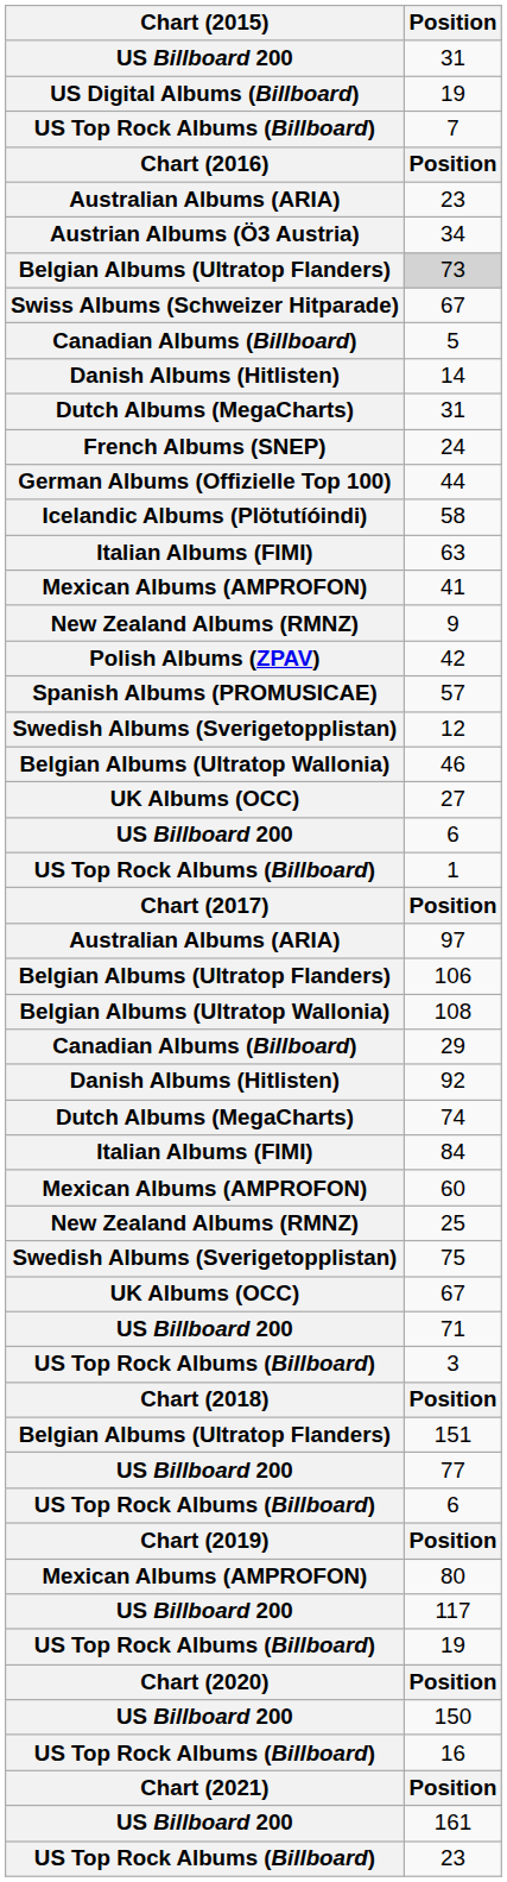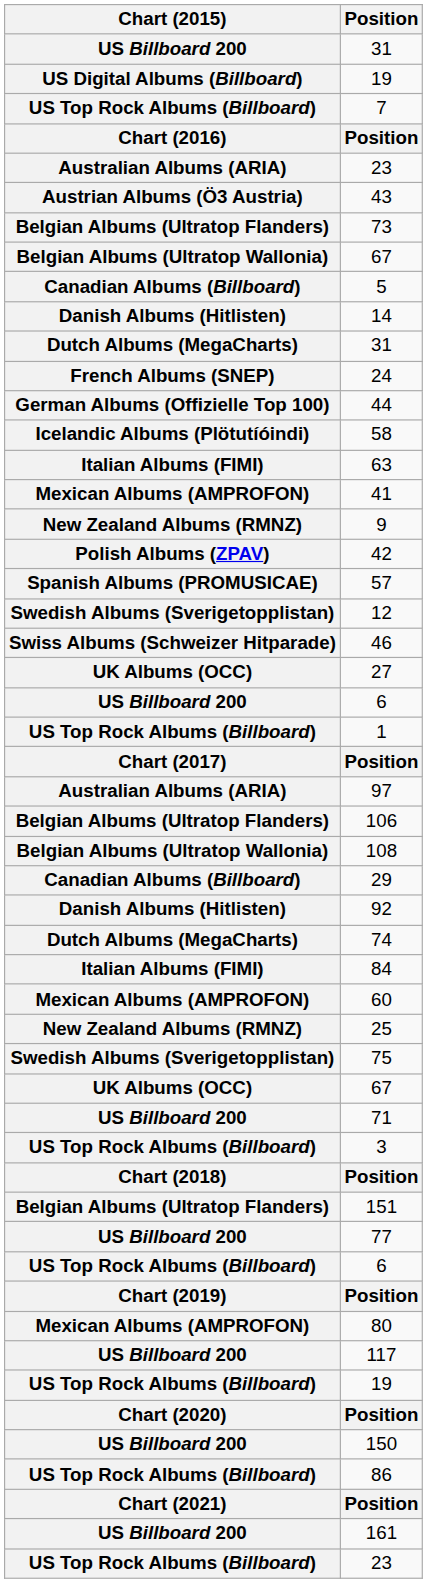 <table class="wikitable sortable plainrowheaders" style="text-align:center">
 <tr>
 <th scope="col">Chart (2015)</th>
 <th scope="col">Position</th>
 </tr>
 <tr>
 <th scope="row">US <em>Billboard</em> 200</th>
 <td>31</td>
 </tr>
 <tr>
 <th scope="row">US Digital Albums (<em>Billboard</em>)</th>
 <td>19</td>
 </tr>
 <tr>
 <th scope="row">US Top Rock Albums (<em>Billboard</em>)</th>
 <td>7</td>
 </tr>
 <tr>
 <th scope="col">Chart (2016)</th>
 <th scope="col">Position</th>
 </tr>
 <tr>
 <th scope="row">Australian Albums (ARIA)</th>
 <td>23</td>
 </tr>
 <tr>
 <th scope="row">Austrian Albums (Ö3 Austria)</th>
-<td>34</td>
+<td>43</td>
 </tr>
 <tr>
 <th scope="row">Belgian Albums (Ultratop Flanders)</th>
-<td style="background: lightgrey;">73</td>
+<td>73</td>
 </tr>
 <tr>
-<th scope="row">Swiss Albums (Schweizer Hitparade)</th>
+<th scope="row">Belgian Albums (Ultratop Wallonia)</th>
 <td>67</td>
 </tr>
 <tr>
 <th scope="row">Canadian Albums (<em>Billboard</em>)</th>
 <td>5</td>
 </tr>
 <tr>
 <th scope="row">Danish Albums (Hitlisten)</th>
 <td>14</td>
 </tr>
 <tr>
 <th scope="row">Dutch Albums (MegaCharts)</th>
 <td>31</td>
 </tr>
 <tr>
 <th scope="row">French Albums (SNEP)</th>
 <td>24</td>
 </tr>
 <tr>
 <th scope="row">German Albums (Offizielle Top 100)</th>
 <td>44</td>
 </tr>
 <tr>
 <th scope="row">Icelandic Albums (Plötutíóindi)</th>
 <td>58</td>
 </tr>
 <tr>
 <th scope="row">Italian Albums (FIMI)</th>
 <td>63</td>
 </tr>
 <tr>
 <th scope="row">Mexican Albums (AMPROFON)</th>
 <td>41</td>
 </tr>
 <tr>
 <th scope="row">New Zealand Albums (RMNZ)</th>
 <td>9</td>
 </tr>
 <tr>
 <th scope="row">Polish Albums (<a href='#'>ZPAV</a>)</th>
 <td>42</td>
 </tr>
 <tr>
 <th scope="row">Spanish Albums (PROMUSICAE)</th>
 <td>57</td>
 </tr>
 <tr>
 <th scope="row">Swedish Albums (Sverigetopplistan)</th>
 <td>12</td>
 </tr>
 <tr>
-<th scope="row">Belgian Albums (Ultratop Wallonia)</th>
+<th scope="row">Swiss Albums (Schweizer Hitparade)</th>
 <td>46</td>
 </tr>
 <tr>
 <th scope="row">UK Albums (OCC)</th>
 <td>27</td>
 </tr>
 <tr>
 <th scope="row">US <em>Billboard</em> 200</th>
 <td>6</td>
 </tr>
 <tr>
 <th scope="row">US Top Rock Albums (<em>Billboard</em>)</th>
 <td>1</td>
 </tr>
 <tr>
 <th scope="col">Chart (2017)</th>
 <th scope="col">Position</th>
 </tr>
 <tr>
 <th scope="row">Australian Albums (ARIA)</th>
 <td>97</td>
 </tr>
 <tr>
 <th scope="row">Belgian Albums (Ultratop Flanders)</th>
 <td>106</td>
 </tr>
 <tr>
 <th scope="row">Belgian Albums (Ultratop Wallonia)</th>
 <td>108</td>
 </tr>
 <tr>
 <th scope="row">Canadian Albums (<em>Billboard</em>)</th>
 <td>29</td>
 </tr>
 <tr>
 <th scope="row">Danish Albums (Hitlisten)</th>
 <td>92</td>
 </tr>
 <tr>
 <th scope="row">Dutch Albums (MegaCharts)</th>
 <td>74</td>
 </tr>
 <tr>
 <th scope="row">Italian Albums (FIMI)</th>
 <td>84</td>
 </tr>
 <tr>
 <th scope="row">Mexican Albums (AMPROFON)</th>
 <td>60</td>
 </tr>
 <tr>
 <th scope="row">New Zealand Albums (RMNZ)</th>
 <td>25</td>
 </tr>
 <tr>
 <th scope="row">Swedish Albums (Sverigetopplistan)</th>
 <td>75</td>
 </tr>
 <tr>
 <th scope="row">UK Albums (OCC)</th>
 <td>67</td>
 </tr>
 <tr>
 <th scope="row">US <em>Billboard</em> 200</th>
 <td>71</td>
 </tr>
 <tr>
 <th scope="row">US Top Rock Albums (<em>Billboard</em>)</th>
 <td>3</td>
 </tr>
 <tr>
 <th scope="col">Chart (2018)</th>
 <th scope="col">Position</th>
 </tr>
 <tr>
 <th scope="row">Belgian Albums (Ultratop Flanders)</th>
 <td>151</td>
 </tr>
 <tr>
 <th scope="row">US <em>Billboard</em> 200</th>
 <td>77</td>
 </tr>
 <tr>
 <th scope="row">US Top Rock Albums (<em>Billboard</em>)</th>
 <td>6</td>
 </tr>
 <tr>
 <th>Chart (2019)</th>
 <th>Position</th>
 </tr>
 <tr>
 <th scope="row">Mexican Albums (AMPROFON)</th>
 <td>80</td>
 </tr>
 <tr>
 <th scope="row">US <em>Billboard</em> 200</th>
 <td>117</td>
 </tr>
 <tr>
 <th scope="row">US Top Rock Albums (<em>Billboard</em>)</th>
 <td>19</td>
 </tr>
 <tr>
 <th>Chart (2020)</th>
 <th>Position</th>
 </tr>
 <tr>
 <th scope="row">US <em>Billboard</em> 200</th>
 <td>150</td>
 </tr>
 <tr>
 <th scope="row">US Top Rock Albums (<em>Billboard</em>)</th>
-<td>16</td>
+<td>86</td>
 </tr>
 <tr>
 <th>Chart (2021)</th>
 <th>Position</th>
 </tr>
 <tr>
 <th scope="row">US <em>Billboard</em> 200</th>
 <td>161</td>
 </tr>
 <tr>
 <th scope="row">US Top Rock Albums (<em>Billboard</em>)</th>
 <td>23</td>
 </tr>
 </table>
